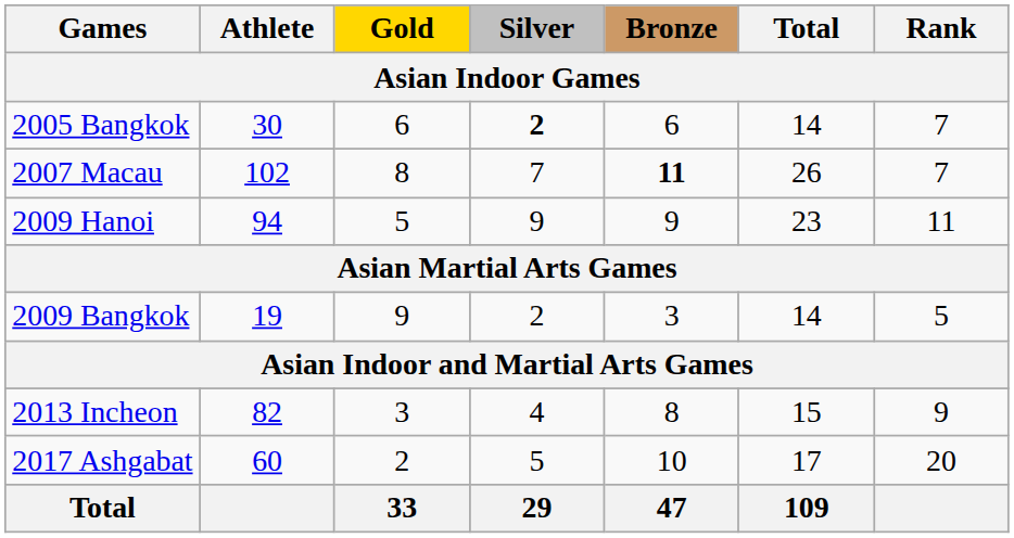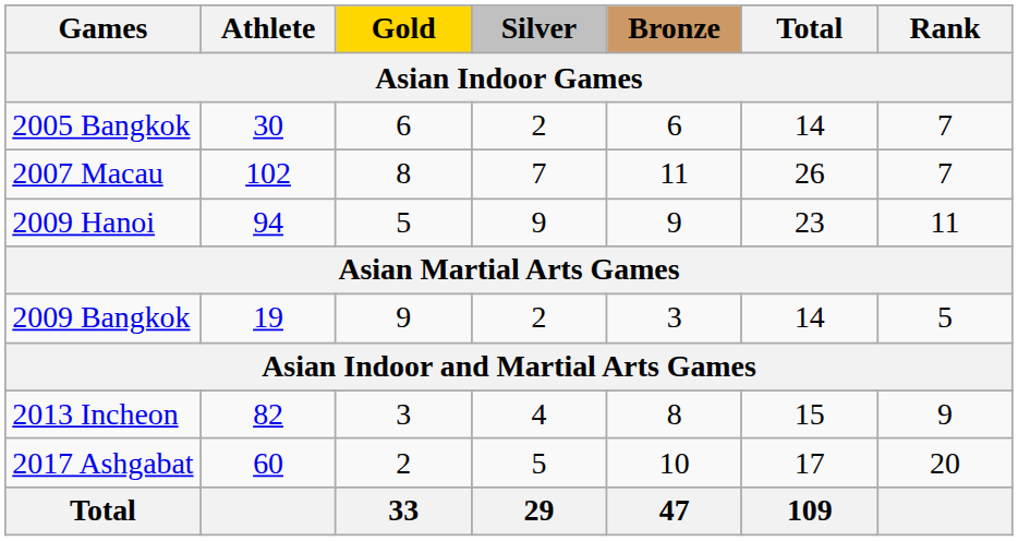 <table class="wikitable sortable" style="margin-top:0em; text-align:center; font-size:100%;">
 <tr>
 <th>Games</th>
 <th style="width:4em;">Athlete</th>
 <th style="background:gold; width:4em;"><strong>Gold</strong></th>
 <th style="background:silver; width:4em;"><strong>Silver</strong></th>
 <th style="background:#cc9966; width:4em;"><strong>Bronze</strong></th>
 <th style="width:4em;">Total</th>
 <th style="width:4em;">Rank</th>
 </tr>
 <tr>
 <th colspan=7><strong>Asian Indoor Games</strong></th>
 </tr>
 <tr>
 <td align=left> <a href='#'>2005 Bangkok</a></td>
 <td><a href='#'>30</a></td>
 <td>6</td>
-<td><strong>2</strong></td>
+<td>2</td>
 <td>6</td>
 <td>14</td>
 <td>7</td>
 </tr>
 <tr>
 <td align=left> <a href='#'>2007 Macau</a></td>
 <td><a href='#'>102</a></td>
 <td>8</td>
 <td>7</td>
-<td><strong>11</strong></td>
+<td>11</td>
 <td>26</td>
 <td>7</td>
 </tr>
 <tr>
 <td align=left> <a href='#'>2009 Hanoi</a></td>
 <td><a href='#'>94</a></td>
 <td>5</td>
 <td>9</td>
 <td>9</td>
 <td>23</td>
 <td>11</td>
 </tr>
 <tr>
 <th colspan=7><strong>Asian Martial Arts Games</strong></th>
 </tr>
 <tr>
 <td align=left> <a href='#'>2009 Bangkok</a></td>
 <td><a href='#'>19</a></td>
 <td>9</td>
 <td>2</td>
 <td>3</td>
 <td>14</td>
 <td>5</td>
 </tr>
 <tr>
 <th colspan=7><strong>Asian Indoor and Martial Arts Games</strong></th>
 </tr>
 <tr>
 <td align=left> <a href='#'>2013 Incheon</a></td>
 <td><a href='#'>82</a></td>
 <td>3</td>
 <td>4</td>
 <td>8</td>
 <td>15</td>
 <td>9</td>
 </tr>
 <tr>
 <td align=left> <a href='#'>2017 Ashgabat</a></td>
 <td><a href='#'>60</a></td>
 <td>2</td>
 <td>5</td>
 <td>10</td>
 <td>17</td>
 <td>20</td>
 </tr>
 <tr>
 <th>Total</th>
 <th></th>
 <th>33</th>
 <th>29</th>
 <th>47</th>
 <th>109</th>
 <th></th>
 </tr>
 </table>
